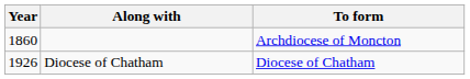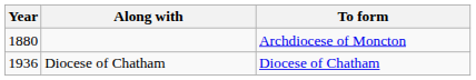 <table class="wikitable">
 <tr>
 <th>Year</th>
 <th width="225">Along with</th>
 <th width="225">To form</th>
 </tr>
 <tr valign="top">
-<td>1860</td>
+<td>1880</td>
 <td></td>
 <td><a href='#'>Archdiocese of Moncton</a></td>
 </tr>
 <tr>
-<td>1926</td>
+<td>1936</td>
 <td>Diocese of Chatham</td>
 <td><a href='#'>Diocese of Chatham</a></td>
 </tr>
 </table>
